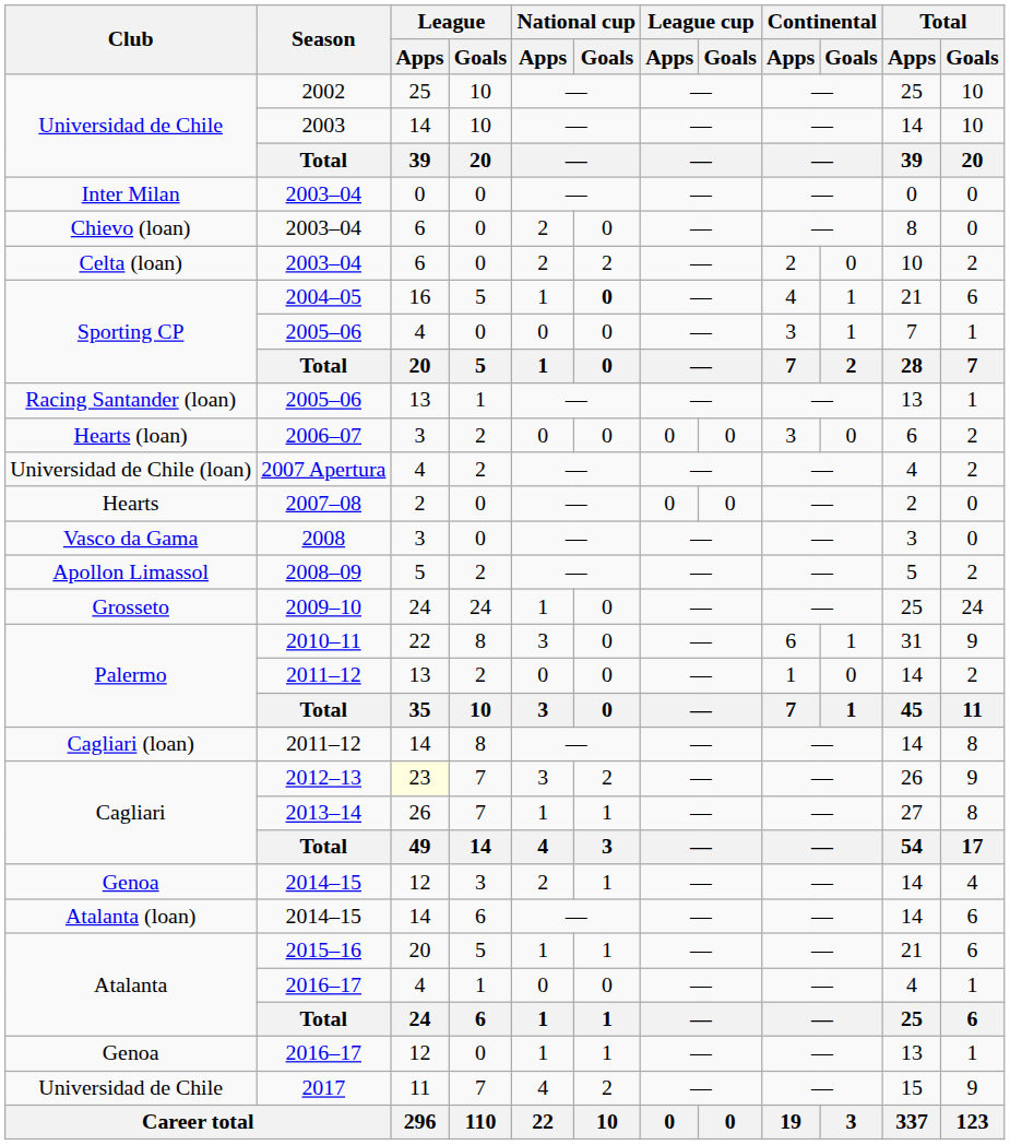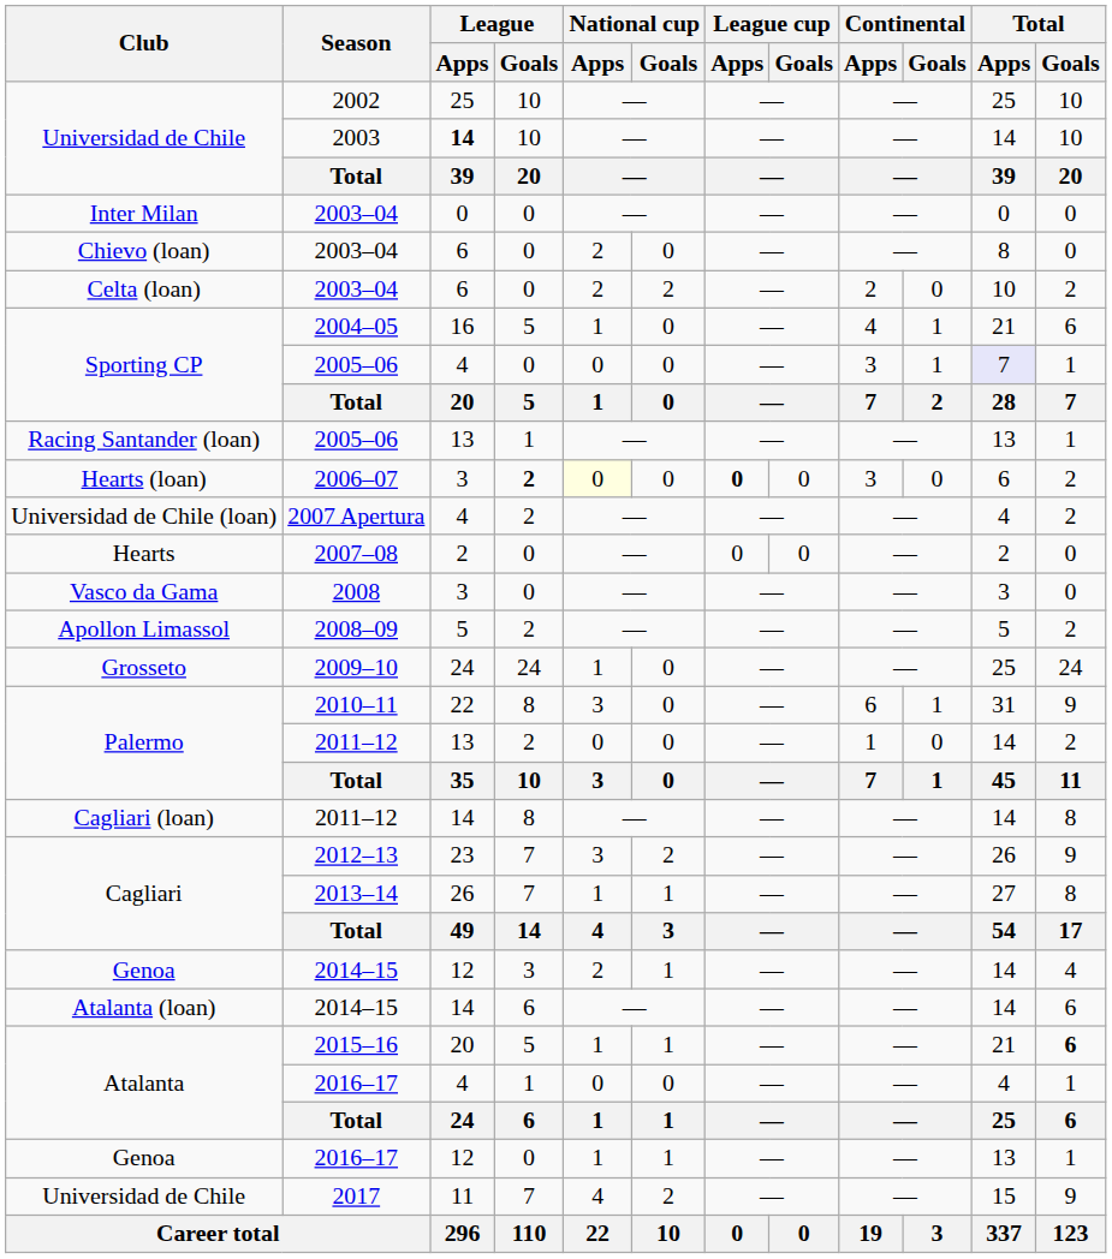 <table class="wikitable" style="text-align:center">
 <tr>
 <th rowspan="2">Club</th>
 <th rowspan="2">Season</th>
 <th colspan="2">League</th>
 <th colspan="2">National cup</th>
 <th colspan="2">League cup</th>
 <th colspan="2">Continental</th>
 <th colspan="2">Total</th>
 </tr>
 <tr>
 <th>Apps</th>
 <th>Goals</th>
 <th>Apps</th>
 <th>Goals</th>
 <th>Apps</th>
 <th>Goals</th>
 <th>Apps</th>
 <th>Goals</th>
 <th>Apps</th>
 <th>Goals</th>
 </tr>
 <tr>
 <td rowspan="3"><a href='#'>Universidad de Chile</a></td>
 <td>2002</td>
 <td>25</td>
 <td>10</td>
 <td colspan="2">—</td>
 <td colspan="2">—</td>
 <td colspan="2">—</td>
 <td>25</td>
 <td>10</td>
 </tr>
 <tr>
 <td>2003</td>
-<td>14</td>
+<td><strong>14</strong></td>
 <td>10</td>
 <td colspan="2">—</td>
 <td colspan="2">—</td>
 <td colspan="2">—</td>
 <td>14</td>
 <td>10</td>
 </tr>
 <tr>
 <th>Total</th>
 <th>39</th>
 <th>20</th>
 <th colspan="2">—</th>
 <th colspan="2">—</th>
 <th colspan="2">—</th>
 <th>39</th>
 <th>20</th>
 </tr>
 <tr>
 <td><a href='#'>Inter Milan</a></td>
 <td><a href='#'>2003–04</a></td>
 <td>0</td>
 <td>0</td>
 <td colspan="2">—</td>
 <td colspan="2">—</td>
 <td colspan="2">—</td>
 <td>0</td>
 <td>0</td>
 </tr>
 <tr>
 <td><a href='#'>Chievo</a> (loan)</td>
 <td>2003–04</td>
 <td>6</td>
 <td>0</td>
 <td>2</td>
 <td>0</td>
 <td colspan="2">—</td>
 <td colspan="2">—</td>
 <td>8</td>
 <td>0</td>
 </tr>
 <tr>
 <td><a href='#'>Celta</a> (loan)</td>
 <td><a href='#'>2003–04</a></td>
 <td>6</td>
 <td>0</td>
 <td>2</td>
 <td>2</td>
 <td colspan="2">—</td>
 <td>2</td>
 <td>0</td>
 <td>10</td>
 <td>2</td>
 </tr>
 <tr>
 <td rowspan="3"><a href='#'>Sporting CP</a></td>
 <td><a href='#'>2004–05</a></td>
 <td>16</td>
 <td>5</td>
 <td>1</td>
-<td><strong>0</strong></td>
+<td>0</td>
 <td colspan="2">—</td>
 <td>4</td>
 <td>1</td>
 <td>21</td>
 <td>6</td>
 </tr>
 <tr>
 <td><a href='#'>2005–06</a></td>
 <td>4</td>
 <td>0</td>
 <td>0</td>
 <td>0</td>
 <td colspan="2">—</td>
 <td>3</td>
 <td>1</td>
-<td>7</td>
+<td style="background: lavender;">7</td>
 <td>1</td>
 </tr>
 <tr>
 <th>Total</th>
 <th>20</th>
 <th>5</th>
 <th>1</th>
 <th>0</th>
 <th colspan="2">—</th>
 <th>7</th>
 <th>2</th>
 <th>28</th>
 <th>7</th>
 </tr>
 <tr>
 <td><a href='#'>Racing Santander</a> (loan)</td>
 <td><a href='#'>2005–06</a></td>
 <td>13</td>
 <td>1</td>
 <td colspan="2">—</td>
 <td colspan="2">—</td>
 <td colspan="2">—</td>
 <td>13</td>
 <td>1</td>
 </tr>
 <tr>
 <td><a href='#'>Hearts</a> (loan)</td>
 <td><a href='#'>2006–07</a></td>
 <td>3</td>
-<td>2</td>
+<td><strong>2</strong></td>
+<td style="background: lightyellow;">0</td>
 <td>0</td>
-<td>0</td>
-<td>0</td>
+<td><strong>0</strong></td>
 <td>0</td>
 <td>3</td>
 <td>0</td>
 <td>6</td>
 <td>2</td>
 </tr>
 <tr>
 <td>Universidad de Chile (loan)</td>
 <td><a href='#'>2007 Apertura</a></td>
 <td>4</td>
 <td>2</td>
 <td colspan="2">—</td>
 <td colspan="2">—</td>
 <td colspan="2">—</td>
 <td>4</td>
 <td>2</td>
 </tr>
 <tr>
 <td>Hearts</td>
 <td><a href='#'>2007–08</a></td>
 <td>2</td>
 <td>0</td>
 <td colspan="2">—</td>
 <td>0</td>
 <td>0</td>
 <td colspan="2">—</td>
 <td>2</td>
 <td>0</td>
 </tr>
 <tr>
 <td><a href='#'>Vasco da Gama</a></td>
 <td><a href='#'>2008</a></td>
 <td>3</td>
 <td>0</td>
 <td colspan="2">—</td>
 <td colspan="2">—</td>
 <td colspan="2">—</td>
 <td>3</td>
 <td>0</td>
 </tr>
 <tr>
 <td><a href='#'>Apollon Limassol</a></td>
 <td><a href='#'>2008–09</a></td>
 <td>5</td>
 <td>2</td>
 <td colspan="2">—</td>
 <td colspan="2">—</td>
 <td colspan="2">—</td>
 <td>5</td>
 <td>2</td>
 </tr>
 <tr>
 <td><a href='#'>Grosseto</a></td>
 <td><a href='#'>2009–10</a></td>
 <td>24</td>
 <td>24</td>
 <td>1</td>
 <td>0</td>
 <td colspan="2">—</td>
 <td colspan="2">—</td>
 <td>25</td>
 <td>24</td>
 </tr>
 <tr>
 <td rowspan="3"><a href='#'>Palermo</a></td>
 <td><a href='#'>2010–11</a></td>
 <td>22</td>
 <td>8</td>
 <td>3</td>
 <td>0</td>
 <td colspan="2">—</td>
 <td>6</td>
 <td>1</td>
 <td>31</td>
 <td>9</td>
 </tr>
 <tr>
 <td><a href='#'>2011–12</a></td>
 <td>13</td>
 <td>2</td>
 <td>0</td>
 <td>0</td>
 <td colspan="2">—</td>
 <td>1</td>
 <td>0</td>
 <td>14</td>
 <td>2</td>
 </tr>
 <tr>
 <th>Total</th>
 <th>35</th>
 <th>10</th>
 <th>3</th>
 <th>0</th>
 <th colspan="2">—</th>
 <th>7</th>
 <th>1</th>
 <th>45</th>
 <th>11</th>
 </tr>
 <tr>
 <td><a href='#'>Cagliari</a> (loan)</td>
 <td>2011–12</td>
 <td>14</td>
 <td>8</td>
 <td colspan="2">—</td>
 <td colspan="2">—</td>
 <td colspan="2">—</td>
 <td>14</td>
 <td>8</td>
 </tr>
 <tr>
 <td rowspan="3">Cagliari</td>
 <td><a href='#'>2012–13</a></td>
-<td style="background: lightyellow;">23</td>
+<td>23</td>
 <td>7</td>
 <td>3</td>
 <td>2</td>
 <td colspan="2">—</td>
 <td colspan="2">—</td>
 <td>26</td>
 <td>9</td>
 </tr>
 <tr>
 <td><a href='#'>2013–14</a></td>
 <td>26</td>
 <td>7</td>
 <td>1</td>
 <td>1</td>
 <td colspan="2">—</td>
 <td colspan="2">—</td>
 <td>27</td>
 <td>8</td>
 </tr>
 <tr>
 <th>Total</th>
 <th>49</th>
 <th>14</th>
 <th>4</th>
 <th>3</th>
 <th colspan="2">—</th>
 <th colspan="2">—</th>
 <th>54</th>
 <th>17</th>
 </tr>
 <tr>
 <td><a href='#'>Genoa</a></td>
 <td><a href='#'>2014–15</a></td>
 <td>12</td>
 <td>3</td>
 <td>2</td>
 <td>1</td>
 <td colspan="2">—</td>
 <td colspan="2">—</td>
 <td>14</td>
 <td>4</td>
 </tr>
 <tr>
 <td><a href='#'>Atalanta</a> (loan)</td>
 <td>2014–15</td>
 <td>14</td>
 <td>6</td>
 <td colspan="2">—</td>
 <td colspan="2">—</td>
 <td colspan="2">—</td>
 <td>14</td>
 <td>6</td>
 </tr>
 <tr>
 <td rowspan="3">Atalanta</td>
 <td><a href='#'>2015–16</a></td>
 <td>20</td>
 <td>5</td>
 <td>1</td>
 <td>1</td>
 <td colspan="2">—</td>
 <td colspan="2">—</td>
 <td>21</td>
-<td>6</td>
+<td><strong>6</strong></td>
 </tr>
 <tr>
 <td><a href='#'>2016–17</a></td>
 <td>4</td>
 <td>1</td>
 <td>0</td>
 <td>0</td>
 <td colspan="2">—</td>
 <td colspan="2">—</td>
 <td>4</td>
 <td>1</td>
 </tr>
 <tr>
 <th>Total</th>
 <th>24</th>
 <th>6</th>
 <th>1</th>
 <th>1</th>
 <th colspan="2">—</th>
 <th colspan="2">—</th>
 <th>25</th>
 <th>6</th>
 </tr>
 <tr>
 <td>Genoa</td>
 <td><a href='#'>2016–17</a></td>
 <td>12</td>
 <td>0</td>
 <td>1</td>
 <td>1</td>
 <td colspan="2">—</td>
 <td colspan="2">—</td>
 <td>13</td>
 <td>1</td>
 </tr>
 <tr>
 <td>Universidad de Chile</td>
 <td><a href='#'>2017</a></td>
 <td>11</td>
 <td>7</td>
 <td>4</td>
 <td>2</td>
 <td colspan="2">—</td>
 <td colspan="2">—</td>
 <td>15</td>
 <td>9</td>
 </tr>
 <tr>
 <th colspan="2">Career total</th>
 <th>296</th>
 <th>110</th>
 <th>22</th>
 <th>10</th>
 <th>0</th>
 <th>0</th>
 <th>19</th>
 <th>3</th>
 <th>337</th>
 <th>123</th>
 </tr>
 </table>
